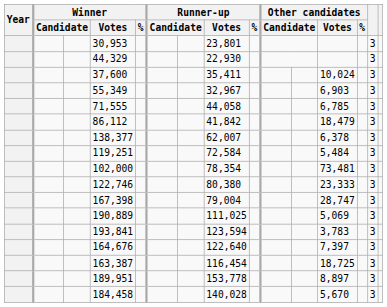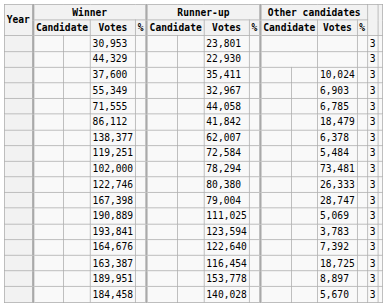 <table class="wikitable sortable">
 <tr>
 <th scope=col rowspan="2">Year</th>
 <th scope="col" style="border-left:3px solid darkgray;" colspan="4">Winner</th>
 <th scope="col" style="border-left:3px solid darkgray;" colspan="4">Runner-up</th>
 <th scope="col" style="border-left:3px solid darkgray;" colspan="4">Other candidates</th>
 <th scope="col" class="unsortable" rowspan="2"></th>
 <th scope="col" class="unsortable" rowspan="2"></th>
 </tr>
 <tr>
 <th scope="col" style="border-left:3px solid darkgray;" colspan="2">Candidate</th>
 <th scope="col" data-sort-type="number">Votes</th>
 <th scope="col"  data-sort-type="number">%</th>
 <th scope="col" style="border-left:3px solid darkgray;" colspan="2">Candidate</th>
 <th scope="col"  data-sort-type="number">Votes</th>
 <th scope="col"  data-sort-type="number">%</th>
 <th scope="col"  scope="col" style="border-left:3px solid darkgray;" colspan="2">Candidate</th>
 <th scope="col"  data-sort-type="number">Votes</th>
 <th scope="col"  data-sort-type="number">%</th>
 </tr>
 <tr>
 <th scope="row"> </th>
 <td style="text-align:left; border-left:3px solid darkgray; background-color:"></td>
 <td><strong></strong> </td>
 <td>30,953</td>
 <td></td>
 <td style="text-align:left; border-left:3px solid darkgray; background-color:"></td>
 <td>  </td>
 <td>23,801</td>
 <td></td>
 <td colspan="2" style="text-align:left; border-left:3px solid darkgray;"></td>
 <td></td>
 <td></td>
 <td>3</td>
 <td></td>
 </tr>
 <tr>
 <th scope="row"> </th>
 <td style="text-align:left; border-left:3px solid darkgray; background-color:"></td>
 <td><strong></strong>  </td>
 <td>44,329</td>
 <td></td>
 <td style="text-align:left; border-left:3px solid darkgray; background-color:"></td>
 <td> </td>
 <td>22,930</td>
 <td></td>
 <td colspan="2" style="text-align:left; border-left:3px solid darkgray;"></td>
 <td></td>
 <td></td>
 <td>3</td>
 <td></td>
 </tr>
 <tr>
 <th scope="row"> </th>
 <td style="text-align:left; border-left:3px solid darkgray; background-color:"></td>
 <td><strong></strong>  </td>
 <td>37,600</td>
 <td></td>
 <td style="text-align:left; border-left:3px solid darkgray; background-color:"></td>
 <td> </td>
 <td>35,411</td>
 <td></td>
 <td style="text-align:left; border-left:3px solid darkgray; background-color:"></td>
 <td> </td>
 <td>10,024</td>
 <td></td>
 <td>3</td>
 <td></td>
 </tr>
 <tr>
 <th scope="row"> </th>
 <td style="text-align:left; border-left:3px solid darkgray; background-color:"></td>
 <td><strong></strong>  </td>
 <td>55,349</td>
 <td></td>
 <td style="text-align:left; border-left:3px solid darkgray; background-color:"></td>
 <td> </td>
 <td>32,967</td>
 <td></td>
 <td style="text-align:left; border-left:3px solid darkgray; background-color:"></td>
 <td> </td>
 <td>6,903</td>
 <td></td>
 <td>3</td>
 <td></td>
 </tr>
 <tr>
 <th scope="row"> </th>
 <td style="text-align:left; border-left:3px solid darkgray; background-color:"></td>
 <td><strong></strong> </td>
 <td>71,555</td>
 <td></td>
 <td style="text-align:left; border-left:3px solid darkgray; background-color:"></td>
 <td>  </td>
 <td>44,058</td>
 <td></td>
 <td style="text-align:left; border-left:3px solid darkgray; background-color:"></td>
 <td> </td>
 <td>6,785</td>
 <td></td>
 <td>3</td>
 <td></td>
 </tr>
 <tr>
 <th scope="row"> </th>
 <td style="text-align:left; border-left:3px solid darkgray; background-color:"></td>
 <td><strong></strong>  </td>
 <td>86,112</td>
 <td></td>
 <td style="text-align:left; border-left:3px solid darkgray; background-color:"></td>
 <td> </td>
 <td>41,842</td>
 <td></td>
 <td style="text-align:left; border-left:3px solid darkgray; background-color:"></td>
 <td> </td>
 <td>18,479</td>
 <td></td>
 <td>3</td>
 <td></td>
 </tr>
 <tr>
 <th scope="row"> </th>
 <td style="text-align:left; border-left:3px solid darkgray; background-color:"></td>
 <td><strong></strong>  </td>
 <td>138,377</td>
 <td></td>
 <td style="text-align:left; border-left:3px solid darkgray; background-color:"></td>
 <td> </td>
 <td>62,007</td>
 <td></td>
 <td style="text-align:left; border-left:3px solid darkgray; background-color:"></td>
 <td> </td>
 <td>6,378</td>
 <td></td>
 <td>3</td>
 <td></td>
 </tr>
 <tr>
 <th scope="row"> </th>
 <td style="text-align:left; border-left:3px solid darkgray; background-color:"></td>
 <td><strong></strong>  </td>
 <td>119,251</td>
 <td></td>
 <td style="text-align:left; border-left:3px solid darkgray; background-color:"></td>
 <td> </td>
 <td>72,584</td>
 <td></td>
 <td style="text-align:left; border-left:3px solid darkgray; background-color:"></td>
 <td> </td>
 <td>5,484</td>
 <td></td>
 <td>3</td>
 <td></td>
 </tr>
 <tr>
 <th scope="row"> </th>
 <td style="text-align:left; border-left:3px solid darkgray; background-color:"></td>
 <td><strong></strong> </td>
 <td>102,000</td>
 <td></td>
 <td style="text-align:left; border-left:3px solid darkgray; background-color:"></td>
 <td>  </td>
-<td>78,354</td>
+<td>78,294</td>
 <td></td>
 <td style="text-align:left; border-left:3px solid darkgray; background-color:"></td>
 <td> </td>
 <td>73,481</td>
 <td></td>
 <td>3</td>
 <td></td>
 </tr>
 <tr>
 <th scope="row"> </th>
 <td style="text-align:left; border-left:3px solid darkgray; background-color:"></td>
 <td><strong></strong> </td>
 <td>122,746</td>
 <td></td>
 <td style="text-align:left; border-left:3px solid darkgray; background-color:"></td>
 <td>  </td>
 <td>80,380</td>
 <td></td>
 <td style="text-align:left; border-left:3px solid darkgray; background-color:"></td>
 <td> </td>
-<td>23,333</td>
+<td>26,333</td>
 <td></td>
 <td>3</td>
 <td></td>
 </tr>
 <tr>
 <th scope="row"> </th>
 <td style="text-align:left; border-left:3px solid darkgray; background-color:"></td>
 <td><strong></strong>  </td>
 <td>167,398</td>
 <td></td>
 <td style="text-align:left; border-left:3px solid darkgray; background-color:"></td>
 <td> </td>
 <td>79,004</td>
 <td></td>
 <td style="text-align:left; border-left:3px solid darkgray; background-color:"></td>
 <td> </td>
 <td>28,747</td>
 <td></td>
 <td>3</td>
 <td></td>
 </tr>
 <tr>
 <th scope="row"> </th>
 <td style="text-align:left; border-left:3px solid darkgray; background-color:"></td>
 <td><strong></strong>  </td>
 <td>190,889</td>
 <td></td>
 <td style="text-align:left; border-left:3px solid darkgray; background-color:"></td>
 <td> </td>
 <td>111,025</td>
 <td></td>
 <td style="text-align:left; border-left:3px solid darkgray; background-color:"></td>
 <td> </td>
 <td>5,069</td>
 <td></td>
 <td>3</td>
 <td></td>
 </tr>
 <tr>
 <th scope="row"> </th>
 <td style="text-align:left; border-left:3px solid darkgray; background-color:"></td>
 <td><strong></strong> </td>
 <td>193,841</td>
 <td></td>
 <td style="text-align:left; border-left:3px solid darkgray; background-color:"></td>
 <td>  </td>
 <td>123,594</td>
 <td></td>
 <td style="text-align:left; border-left:3px solid darkgray; background-color:"></td>
 <td> </td>
 <td>3,783</td>
 <td></td>
 <td>3</td>
 <td></td>
 </tr>
 <tr>
 <th scope="row"> </th>
 <td style="text-align:left; border-left:3px solid darkgray; background-color:"></td>
 <td><strong></strong> </td>
 <td>164,676</td>
 <td></td>
 <td style="text-align:left; border-left:3px solid darkgray; background-color:"></td>
 <td>  </td>
 <td>122,640</td>
 <td></td>
 <td style="text-align:left; border-left:3px solid darkgray; background-color:"></td>
 <td> </td>
-<td>7,397</td>
+<td>7,392</td>
 <td></td>
 <td>3</td>
 <td></td>
 </tr>
 <tr>
 <th scope="row"> </th>
 <td style="text-align:left; border-left:3px solid darkgray; background-color:"></td>
 <td><strong></strong>  </td>
 <td>163,387</td>
 <td></td>
 <td style="text-align:left; border-left:3px solid darkgray; background-color:"></td>
 <td> </td>
 <td>116,454</td>
 <td></td>
 <td style="text-align:left; border-left:3px solid darkgray; background-color:"></td>
 <td> </td>
 <td>18,725</td>
 <td></td>
 <td>3</td>
 <td></td>
 </tr>
 <tr>
 <th scope="row"> </th>
 <td style="text-align:left; border-left:3px solid darkgray; background-color:"></td>
 <td><strong></strong> </td>
 <td>189,951</td>
 <td></td>
 <td style="text-align:left; border-left:3px solid darkgray; background-color:"></td>
 <td>  </td>
 <td>153,778</td>
 <td></td>
 <td style="text-align:left; border-left:3px solid darkgray; background-color:"></td>
 <td> </td>
 <td>8,897</td>
 <td></td>
 <td>3</td>
 <td></td>
 </tr>
 <tr>
 <th scope="row"> </th>
 <td style="text-align:left; border-left:3px solid darkgray; background-color:"></td>
 <td><strong></strong>  </td>
 <td>184,458</td>
 <td></td>
 <td style="text-align:left; border-left:3px solid darkgray; background-color:"></td>
 <td> </td>
 <td>140,028</td>
 <td></td>
 <td style="text-align:left; border-left:3px solid darkgray; background-color:"></td>
 <td> </td>
 <td>5,670</td>
 <td></td>
 <td>3</td>
 <td></td>
 </tr>
 </table>
